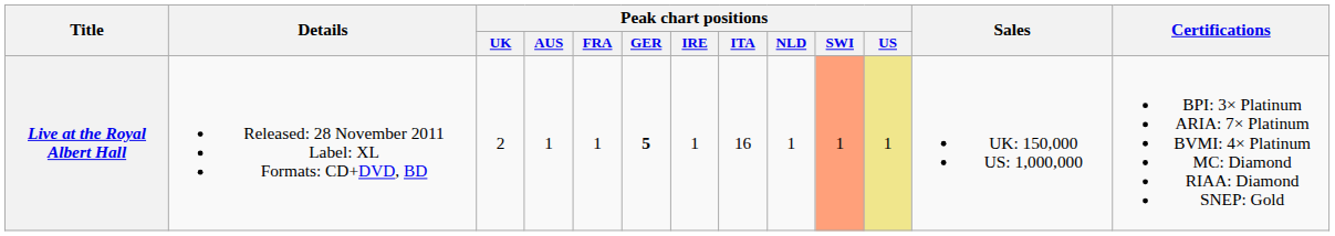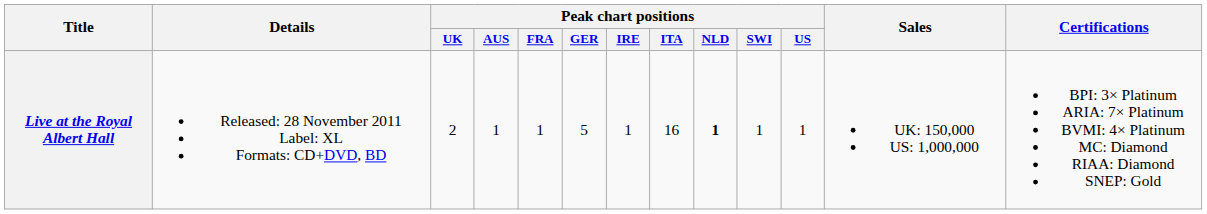 <table class="wikitable plainrowheaders" style="text-align:center;">
 <tr>
 <th scope="col" rowspan="2" style="width:10em;">Title</th>
 <th scope="col" rowspan="2" style="width:19em;">Details</th>
 <th scope="col" colspan="9" style="width:7em;">Peak chart positions</th>
 <th scope="col" rowspan="2" style="width:12em;">Sales</th>
 <th scope="col" rowspan="2" style="width:13em;"><a href='#'>Certifications</a></th>
 </tr>
 <tr>
 <th scope="col" style="width:3em;font-size:85%;"><a href='#'>UK</a><br></th>
 <th scope="col" style="width:3em;font-size:85%;"><a href='#'>AUS</a><br></th>
 <th scope="col" style="width:3em;font-size:85%;"><a href='#'>FRA</a><br></th>
 <th scope="col" style="width:3em;font-size:85%;"><a href='#'>GER</a><br></th>
 <th scope="col" style="width:3em;font-size:85%;"><a href='#'>IRE</a><br></th>
 <th scope="col" style="width:3em;font-size:85%;"><a href='#'>ITA</a><br></th>
 <th scope="col" style="width:3em;font-size:85%;"><a href='#'>NLD</a><br></th>
 <th scope="col" style="width:3em;font-size:85%;"><a href='#'>SWI</a><br></th>
 <th scope="col" style="width:3em;font-size:85%;"><a href='#'>US</a><br></th>
 </tr>
 <tr>
 <th scope="row"><em><a href='#'>Live at the Royal Albert Hall</a></em></th>
 <td><br><ul><li>Released: 28 November 2011</li><li>Label: XL</li><li>Formats: CD+<a href='#'>DVD</a>, <a href='#'>BD</a></li></ul></td>
 <td>2</td>
 <td>1</td>
 <td>1</td>
-<td><strong>5</strong></td>
+<td>5</td>
 <td>1</td>
 <td>16</td>
+<td><strong>1</strong></td>
 <td>1</td>
-<td style="background: lightsalmon;">1</td>
-<td style="background: khaki;">1</td>
+<td>1</td>
 <td><br><ul><li>UK: 150,000</li><li>US: 1,000,000</li></ul></td>
 <td><br><ul><li>BPI: 3× Platinum</li><li>ARIA: 7× Platinum</li><li>BVMI: 4× Platinum</li><li>MC: Diamond</li><li>RIAA: Diamond</li><li>SNEP: Gold</li></ul></td>
 </tr>
 </table>
